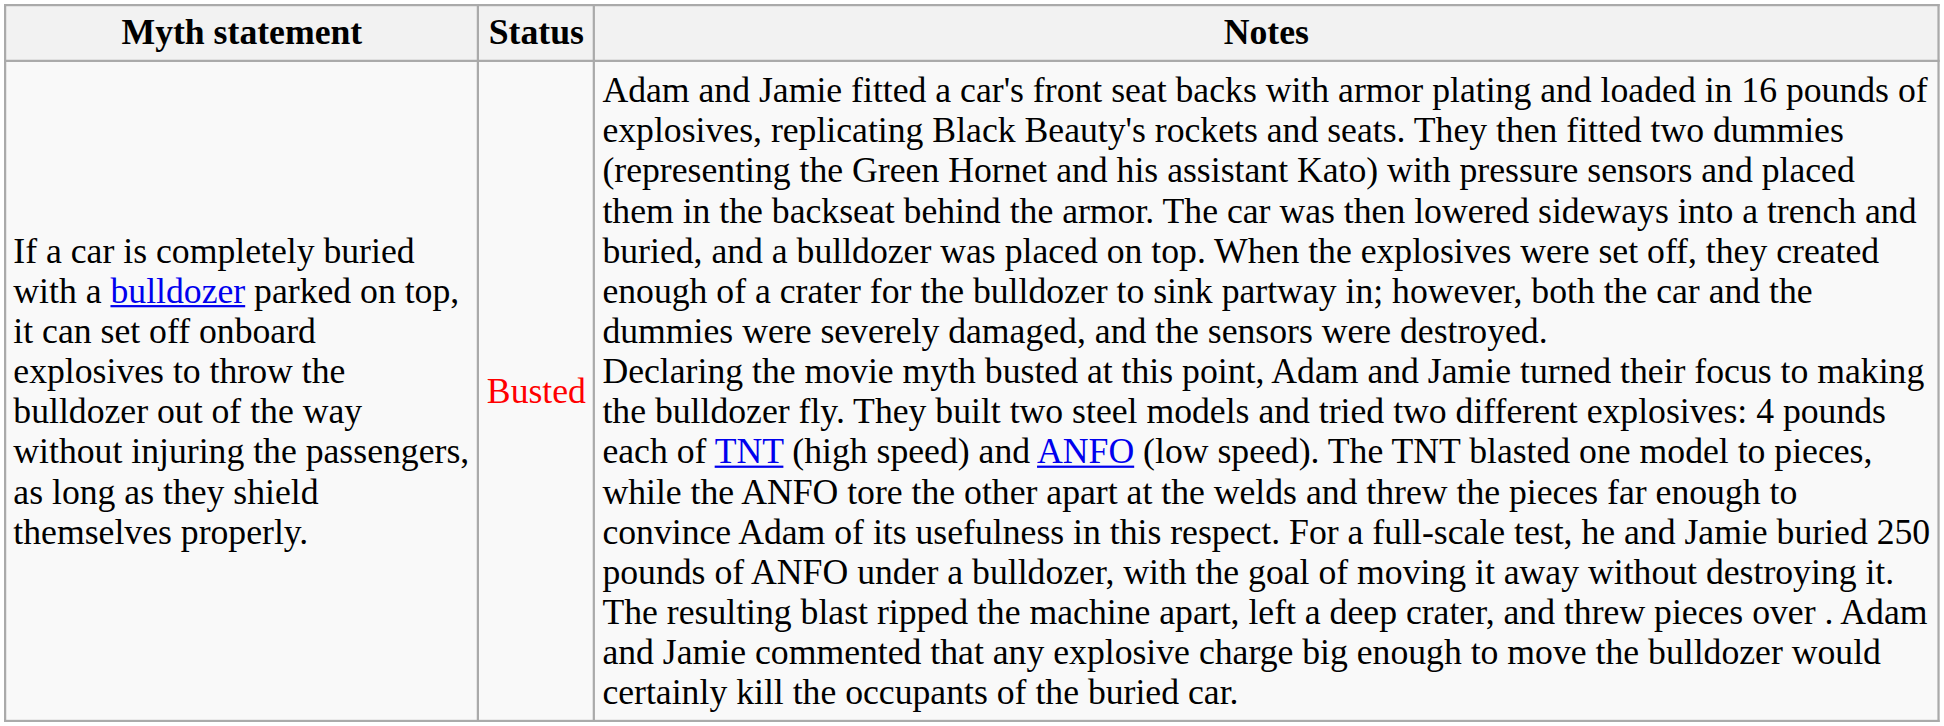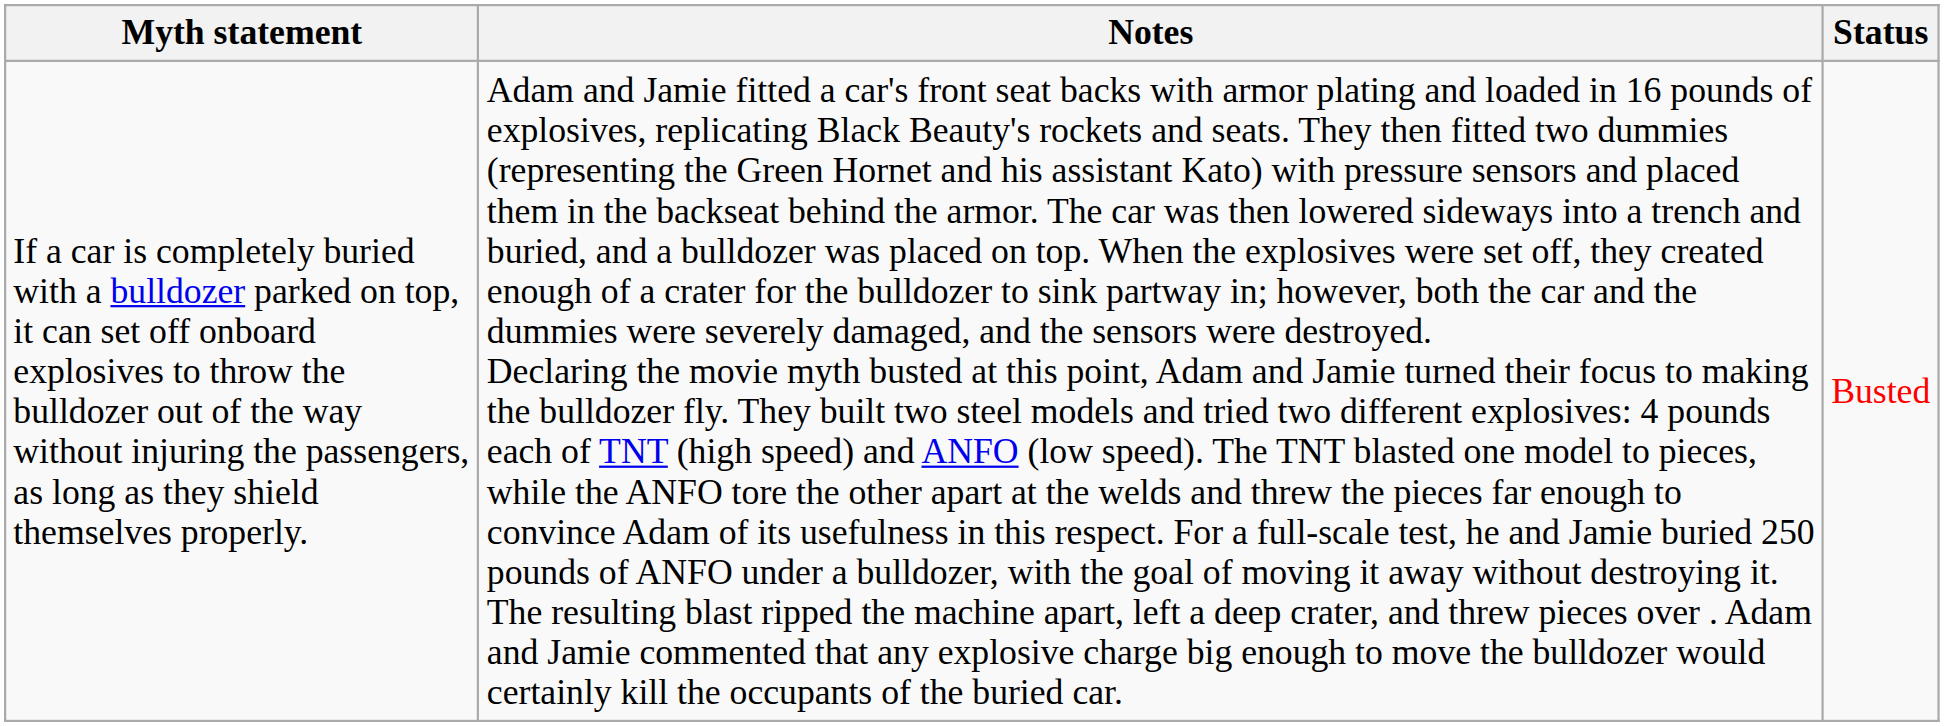 <table class="wikitable plainrowheaders">
 <tr>
 <th>Myth statement</th>
+<th>Notes</th>
 <th>Status</th>
-<th>Notes</th>
 </tr>
 <tr>
 <td>If a car is completely buried with a <a href='#'>bulldozer</a> parked on top, it can set off onboard explosives to throw the bulldozer out of the way without injuring the passengers, as long as they shield themselves properly.</td>
+<td>Adam and Jamie fitted a car's front seat backs with armor plating and loaded in 16 pounds of explosives, replicating Black Beauty's rockets and seats. They then fitted two dummies (representing the Green Hornet and his assistant Kato) with pressure sensors and placed them in the backseat behind the armor. The car was then lowered sideways into a trench and buried, and a bulldozer was placed on top. When the explosives were set off, they created enough of a crater for the bulldozer to sink partway in; however, both the car and the dummies were severely damaged, and the sensors were destroyed.<br>Declaring the movie myth busted at this point, Adam and Jamie turned their focus to making the bulldozer fly. They built two steel models and tried two different explosives: 4 pounds each of <a href='#'>TNT</a> (high speed) and <a href='#'>ANFO</a> (low speed). The TNT blasted one model to pieces, while the ANFO tore the other apart at the welds and threw the pieces far enough to convince Adam of its usefulness in this respect. For a full-scale test, he and Jamie buried 250 pounds of ANFO under a bulldozer, with the goal of moving it away without destroying it. The resulting blast ripped the machine apart, left a deep crater, and threw pieces over . Adam and Jamie commented that any explosive charge big enough to move the bulldozer would certainly kill the occupants of the buried car.</td>
 <td style="color:red">Busted</td>
-<td>Adam and Jamie fitted a car's front seat backs with armor plating and loaded in 16 pounds of explosives, replicating Black Beauty's rockets and seats. They then fitted two dummies (representing the Green Hornet and his assistant Kato) with pressure sensors and placed them in the backseat behind the armor. The car was then lowered sideways into a trench and buried, and a bulldozer was placed on top. When the explosives were set off, they created enough of a crater for the bulldozer to sink partway in; however, both the car and the dummies were severely damaged, and the sensors were destroyed.<br>Declaring the movie myth busted at this point, Adam and Jamie turned their focus to making the bulldozer fly. They built two steel models and tried two different explosives: 4 pounds each of <a href='#'>TNT</a> (high speed) and <a href='#'>ANFO</a> (low speed). The TNT blasted one model to pieces, while the ANFO tore the other apart at the welds and threw the pieces far enough to convince Adam of its usefulness in this respect. For a full-scale test, he and Jamie buried 250 pounds of ANFO under a bulldozer, with the goal of moving it away without destroying it. The resulting blast ripped the machine apart, left a deep crater, and threw pieces over . Adam and Jamie commented that any explosive charge big enough to move the bulldozer would certainly kill the occupants of the buried car.</td>
 </tr>
 </table>
